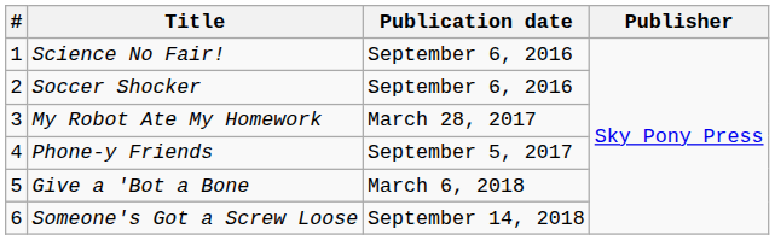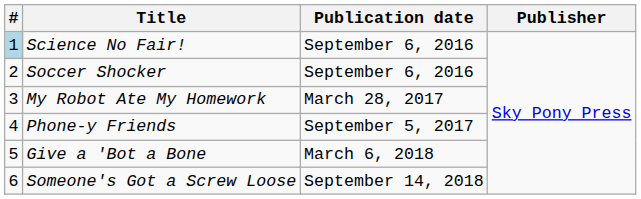 <table class="wikitable sortable">
 <tr>
 <th>#</th>
 <th>Title</th>
 <th>Publication date</th>
 <th>Publisher</th>
 </tr>
 <tr>
-<td>1</td>
+<td style="background: lightblue;">1</td>
 <td><em>Science No Fair!</em></td>
 <td>September 6, 2016</td>
 <td rowspan="6"><a href='#'>Sky Pony Press</a></td>
 </tr>
 <tr>
 <td>2</td>
 <td><em>Soccer Shocker</em></td>
 <td>September 6, 2016</td>
 </tr>
 <tr>
 <td>3</td>
 <td><em>My Robot Ate My Homework</em></td>
 <td>March 28, 2017</td>
 </tr>
 <tr>
 <td>4</td>
 <td><em>Phone-y Friends</em></td>
 <td>September 5, 2017</td>
 </tr>
 <tr>
 <td>5</td>
 <td><em>Give a 'Bot a Bone</em></td>
 <td>March 6, 2018</td>
 </tr>
 <tr>
 <td>6</td>
 <td><em>Someone's Got a Screw Loose</em></td>
 <td>September 14, 2018</td>
 </tr>
 </table>
